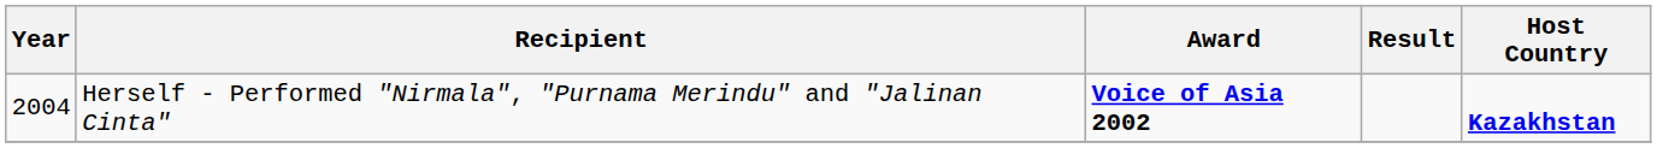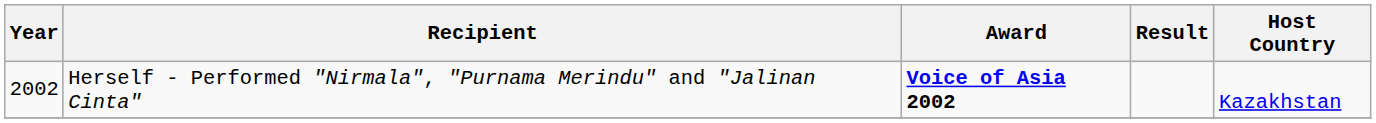 <table class="wikitable">
 <tr>
 <th>Year</th>
 <th>Recipient</th>
 <th>Award</th>
 <th>Result</th>
 <th>Host Country</th>
 </tr>
 <tr>
-<td rowspan="1">2004</td>
+<td rowspan="1">2002</td>
 <td rowspan="1">Herself - Performed <em>"Nirmala"</em>, <em>"Purnama Merindu"</em> and <em>"Jalinan Cinta"</em></td>
 <td rowspan="1"><strong><a href='#'>Voice of Asia</a> 2002</strong></td>
 <td></td>
-<td rowspan="1"><strong> <br> <a href='#'>Kazakhstan</a></strong></td>
+<td rowspan="1"> <br> <a href='#'>Kazakhstan</a></td>
 </tr>
 <tr>
 </tr>
 </table>
